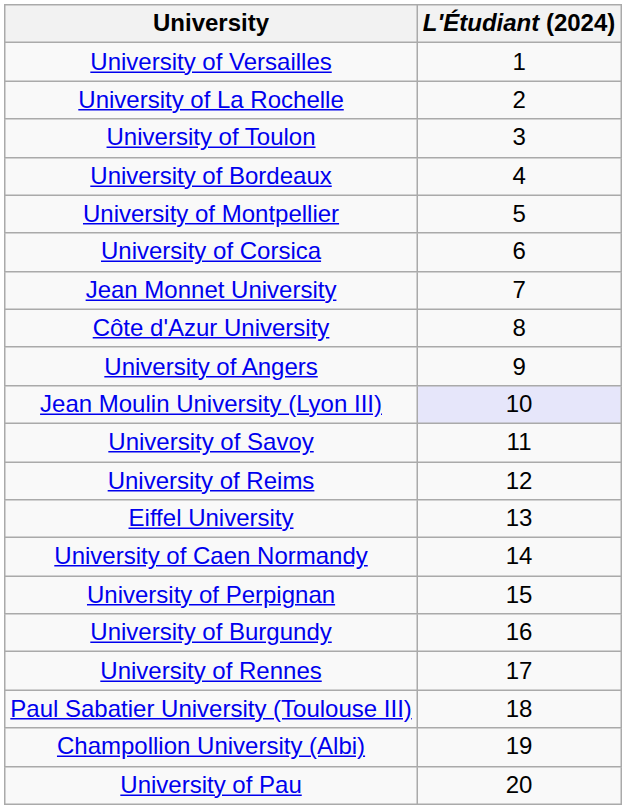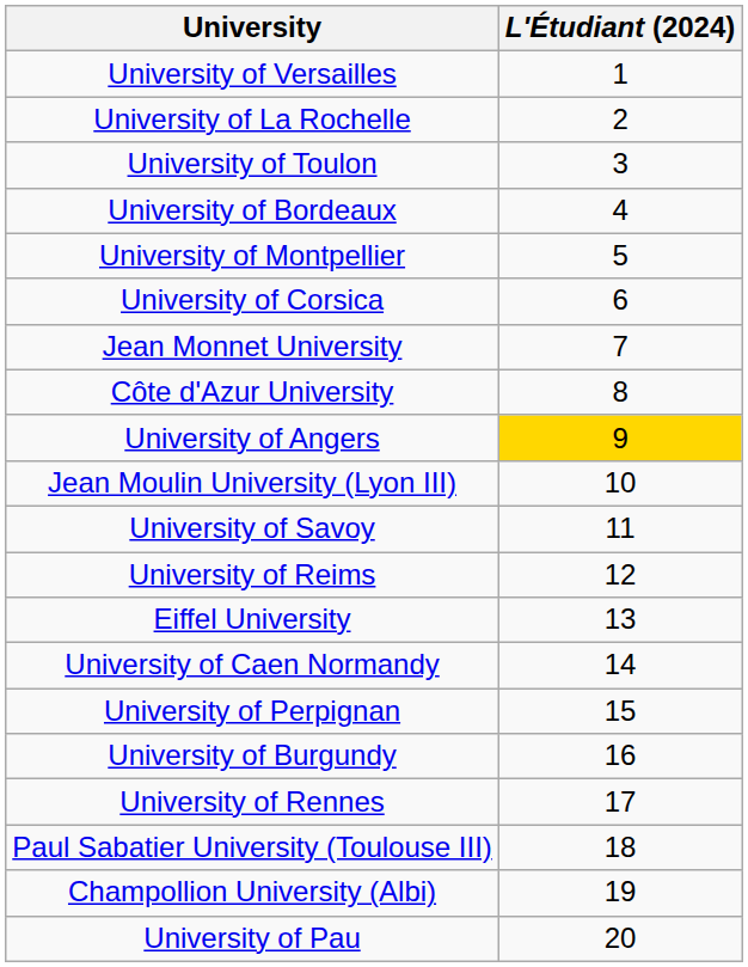 <table class="wikitable" style="text-align:center">
 <tr>
 <th>University</th>
 <th><em>L'Étudiant</em> (2024)</th>
 </tr>
 <tr>
 <td><a href='#'>University of Versailles</a></td>
 <td>1</td>
 </tr>
 <tr>
 <td><a href='#'>University of La Rochelle</a></td>
 <td>2</td>
 </tr>
 <tr>
 <td><a href='#'>University of Toulon</a></td>
 <td>3</td>
 </tr>
 <tr>
 <td><a href='#'>University of Bordeaux</a></td>
 <td>4</td>
 </tr>
 <tr>
 <td><a href='#'>University of Montpellier</a></td>
 <td>5</td>
 </tr>
 <tr>
 <td><a href='#'>University of Corsica</a></td>
 <td>6</td>
 </tr>
 <tr>
 <td><a href='#'>Jean Monnet University</a></td>
 <td>7</td>
 </tr>
 <tr>
 <td><a href='#'>Côte d'Azur University</a></td>
 <td>8</td>
 </tr>
 <tr>
 <td><a href='#'>University of Angers</a></td>
-<td>9</td>
+<td style="background: gold;">9</td>
 </tr>
 <tr>
 <td><a href='#'>Jean Moulin University (Lyon III)</a></td>
-<td style="background: lavender;">10</td>
+<td>10</td>
 </tr>
 <tr>
 <td><a href='#'>University of Savoy</a></td>
 <td>11</td>
 </tr>
 <tr>
 <td><a href='#'>University of Reims</a></td>
 <td>12</td>
 </tr>
 <tr>
 <td><a href='#'>Eiffel University</a></td>
 <td>13</td>
 </tr>
 <tr>
 <td><a href='#'>University of Caen Normandy</a></td>
 <td>14</td>
 </tr>
 <tr>
 <td><a href='#'>University of Perpignan</a></td>
 <td>15</td>
 </tr>
 <tr>
 <td><a href='#'>University of Burgundy</a></td>
 <td>16</td>
 </tr>
 <tr>
 <td><a href='#'>University of Rennes</a></td>
 <td>17</td>
 </tr>
 <tr>
 <td><a href='#'>Paul Sabatier University (Toulouse III)</a></td>
 <td>18</td>
 </tr>
 <tr>
 <td><a href='#'>Champollion University (Albi)</a></td>
 <td>19</td>
 </tr>
 <tr>
 <td><a href='#'>University of Pau</a></td>
 <td>20</td>
 </tr>
 </table>
